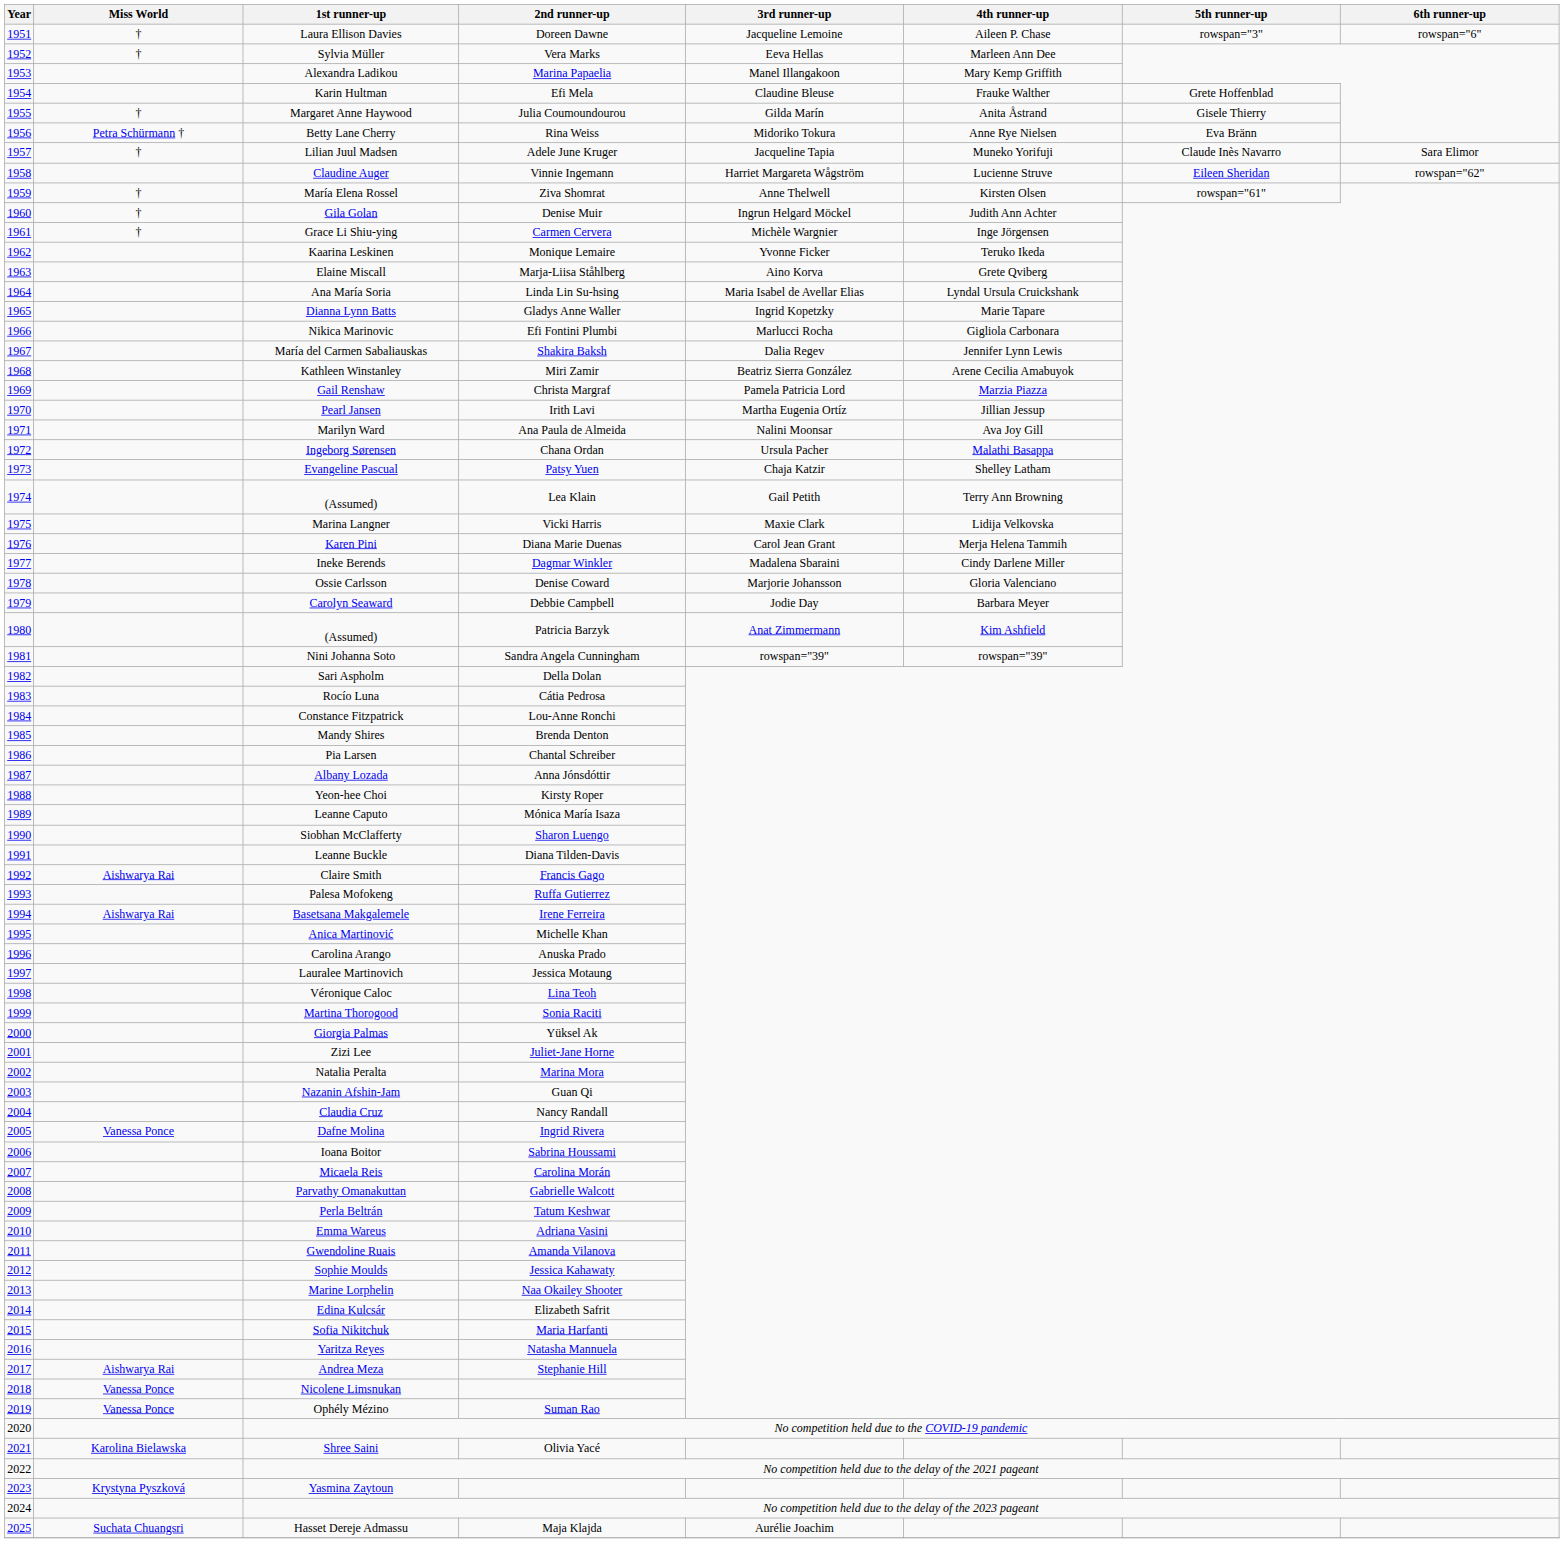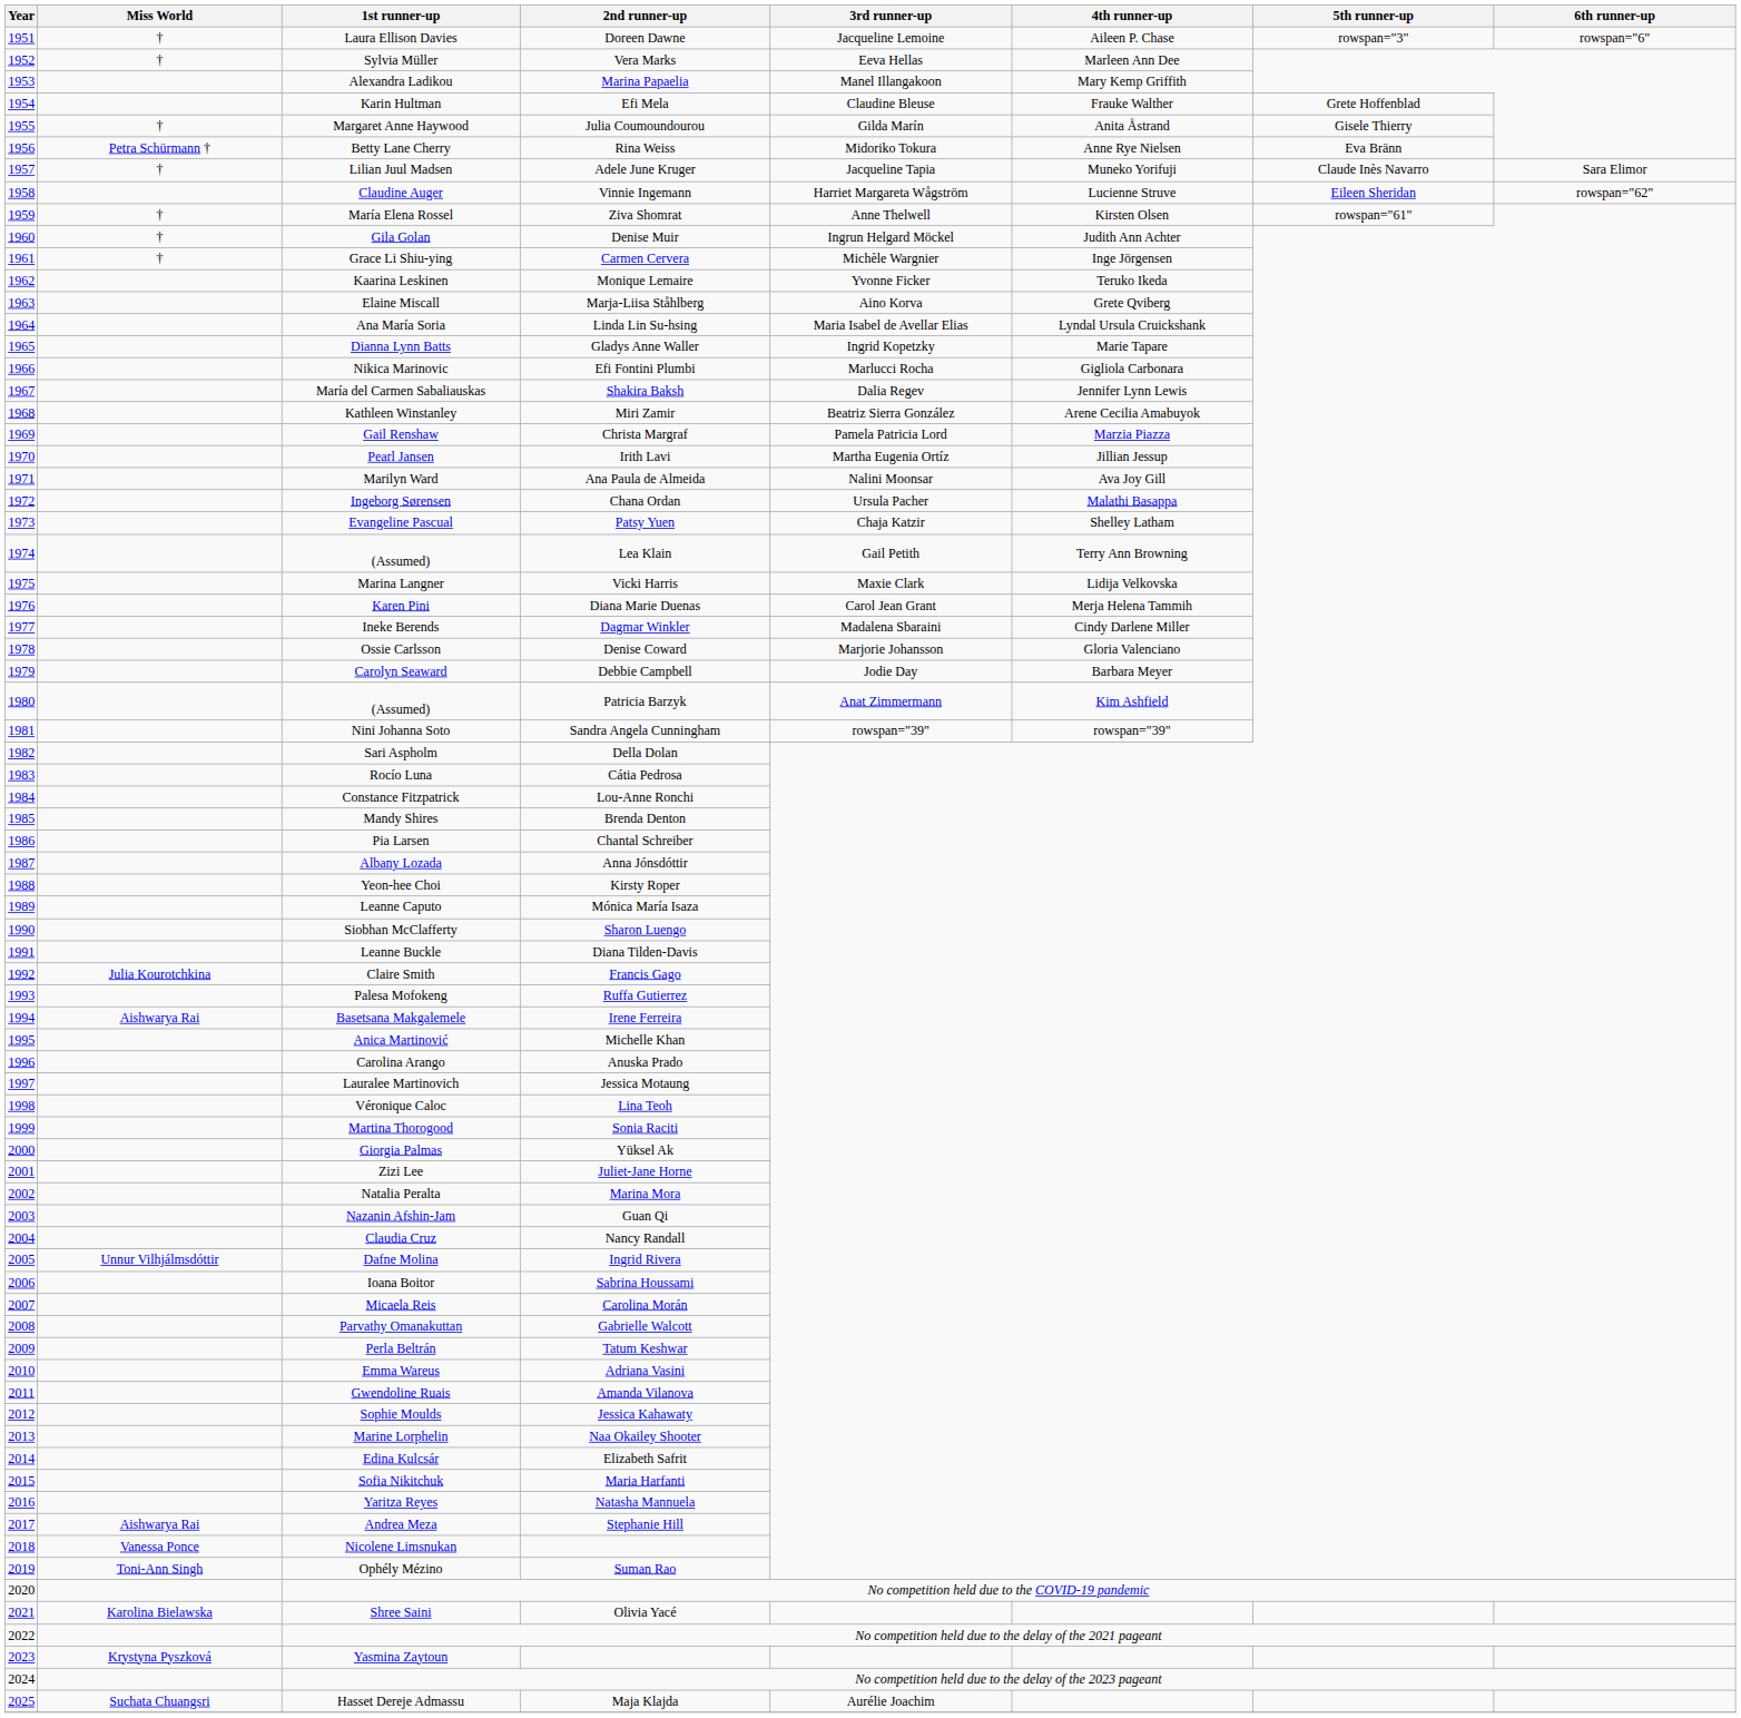 <table class="wikitable sortable" style="font-size: 95%; text-align:center;" |>
 <tr>
 <th width="30">Year</th>
 <th width="600">Miss World<br></th>
 <th width="600">1st runner-up<br></th>
 <th width="600">2nd runner-up<br></th>
 <th width="600">3rd runner-up<br></th>
 <th width="600">4th runner-up<br></th>
 <th width="600">5th runner-up<br></th>
 <th width="600">6th runner-up<br></th>
 </tr>
 <tr>
 <td><a href='#'>1951</a></td>
 <td> †<br></td>
 <td>Laura Ellison Davies<br></td>
 <td>Doreen Dawne<br></td>
 <td>Jacqueline Lemoine<br></td>
 <td>Aileen P. Chase<br></td>
 <td>rowspan="3" </td>
 <td>rowspan="6" </td>
 </tr>
 <tr>
 <td><a href='#'>1952</a></td>
 <td> †<br></td>
 <td>Sylvia Müller<br></td>
 <td>Vera Marks<br></td>
 <td>Eeva Hellas<br></td>
 <td>Marleen Ann Dee<br></td>
 </tr>
 <tr>
 <td><a href='#'>1953</a></td>
 <td><br></td>
 <td>Alexandra Ladikou<br></td>
 <td><a href='#'>Marina Papaelia</a><br></td>
 <td>Manel Illangakoon<br></td>
 <td>Mary Kemp Griffith<br></td>
 </tr>
 <tr>
 <td><a href='#'>1954</a></td>
 <td><br></td>
 <td>Karin Hultman<br></td>
 <td>Efi Mela<br></td>
 <td>Claudine Bleuse<br></td>
 <td>Frauke Walther<br></td>
 <td>Grete Hoffenblad<br></td>
 </tr>
 <tr>
 <td><a href='#'>1955</a></td>
 <td> †<br></td>
 <td>Margaret Anne Haywood<br></td>
 <td>Julia Coumoundourou<br></td>
 <td>Gilda Marín<br></td>
 <td>Anita Åstrand<br></td>
 <td>Gisele Thierry<br></td>
 </tr>
 <tr>
 <td><a href='#'>1956</a></td>
 <td><a href='#'>Petra Schürmann</a> †<br></td>
 <td>Betty Lane Cherry<br></td>
 <td>Rina Weiss<br></td>
 <td>Midoriko Tokura<br></td>
 <td>Anne Rye Nielsen<br></td>
 <td>Eva Bränn<br></td>
 </tr>
 <tr>
 <td><a href='#'>1957</a></td>
 <td> †<br></td>
 <td>Lilian Juul Madsen<br></td>
 <td>Adele June Kruger<br></td>
 <td>Jacqueline Tapia<br></td>
 <td>Muneko Yorifuji<br></td>
 <td>Claude Inès Navarro<br></td>
 <td>Sara Elimor<br></td>
 </tr>
 <tr>
 <td><a href='#'>1958</a></td>
 <td><br></td>
 <td><a href='#'>Claudine Auger</a><br></td>
 <td>Vinnie Ingemann<br></td>
 <td>Harriet Margareta Wågström<br></td>
 <td>Lucienne Struve<br></td>
 <td><a href='#'>Eileen Sheridan</a><br></td>
 <td>rowspan="62"  </td>
 </tr>
 <tr>
 <td><a href='#'>1959</a></td>
 <td> †<br></td>
 <td>María Elena Rossel<br></td>
 <td>Ziva Shomrat<br></td>
 <td>Anne Thelwell<br></td>
 <td>Kirsten Olsen<br></td>
 <td>rowspan="61"  </td>
 </tr>
 <tr>
 <td><a href='#'>1960</a></td>
 <td> †<br></td>
 <td><a href='#'>Gila Golan</a><br></td>
 <td>Denise Muir<br></td>
 <td>Ingrun Helgard Möckel<br></td>
 <td>Judith Ann Achter<br></td>
 </tr>
 <tr>
 <td><a href='#'>1961</a></td>
 <td> †<br></td>
 <td>Grace Li Shiu-ying<br></td>
 <td><a href='#'>Carmen Cervera</a><br></td>
 <td>Michèle Wargnier<br></td>
 <td>Inge Jörgensen<br></td>
 </tr>
 <tr>
 <td><a href='#'>1962</a></td>
 <td><br></td>
 <td>Kaarina Leskinen<br></td>
 <td>Monique Lemaire<br></td>
 <td>Yvonne Ficker<br></td>
 <td>Teruko Ikeda<br></td>
 </tr>
 <tr>
 <td><a href='#'>1963</a></td>
 <td><br></td>
 <td>Elaine Miscall<br></td>
 <td>Marja-Liisa Ståhlberg<br></td>
 <td>Aino Korva<br></td>
 <td>Grete Qviberg<br></td>
 </tr>
 <tr>
 <td><a href='#'>1964</a></td>
 <td><br></td>
 <td>Ana María Soria<br></td>
 <td>Linda Lin Su-hsing<br></td>
 <td>Maria Isabel de Avellar Elias<br></td>
 <td>Lyndal Ursula Cruickshank<br></td>
 </tr>
 <tr>
 <td><a href='#'>1965</a></td>
 <td><br></td>
 <td><a href='#'>Dianna Lynn Batts</a><br></td>
 <td>Gladys Anne Waller<br></td>
 <td>Ingrid Kopetzky<br></td>
 <td>Marie Tapare<br></td>
 </tr>
 <tr>
 <td><a href='#'>1966</a></td>
 <td><br></td>
 <td>Nikica Marinovic<br></td>
 <td>Efi Fontini Plumbi<br></td>
 <td>Marlucci Rocha<br></td>
 <td>Gigliola Carbonara<br></td>
 </tr>
 <tr>
 <td><a href='#'>1967</a></td>
 <td><br></td>
 <td>María del Carmen Sabaliauskas<br></td>
 <td><a href='#'>Shakira Baksh</a><br></td>
 <td>Dalia Regev<br></td>
 <td>Jennifer Lynn Lewis<br></td>
 </tr>
 <tr>
 <td><a href='#'>1968</a></td>
 <td><br></td>
 <td>Kathleen Winstanley<br></td>
 <td>Miri Zamir<br></td>
 <td>Beatriz Sierra González<br></td>
 <td>Arene Cecilia Amabuyok<br></td>
 </tr>
 <tr>
 <td><a href='#'>1969</a></td>
 <td><br></td>
 <td><a href='#'>Gail Renshaw</a><br></td>
 <td>Christa Margraf<br></td>
 <td>Pamela Patricia Lord<br></td>
 <td><a href='#'>Marzia Piazza</a><br></td>
 </tr>
 <tr>
 <td><a href='#'>1970</a></td>
 <td><br></td>
 <td><a href='#'>Pearl Jansen</a><br></td>
 <td>Irith Lavi<br></td>
 <td>Martha Eugenia Ortíz<br></td>
 <td>Jillian Jessup<br></td>
 </tr>
 <tr>
 <td><a href='#'>1971</a></td>
 <td><br></td>
 <td>Marilyn Ward<br></td>
 <td>Ana Paula de Almeida<br></td>
 <td>Nalini Moonsar<br></td>
 <td>Ava Joy Gill<br></td>
 </tr>
 <tr>
 <td><a href='#'>1972</a></td>
 <td><br></td>
 <td><a href='#'>Ingeborg Sørensen</a><br></td>
 <td>Chana Ordan<br></td>
 <td>Ursula Pacher<br></td>
 <td><a href='#'>Malathi Basappa</a><br></td>
 </tr>
 <tr>
 <td><a href='#'>1973</a></td>
 <td></td>
 <td><a href='#'>Evangeline Pascual</a><br></td>
 <td><a href='#'>Patsy Yuen</a><br></td>
 <td>Chaja Katzir<br></td>
 <td>Shelley Latham<br></td>
 </tr>
 <tr>
 <td><a href='#'>1974</a></td>
 <td></td>
 <td><br>(Assumed)<br></td>
 <td>Lea Klain<br></td>
 <td>Gail Petith<br></td>
 <td>Terry Ann Browning<br></td>
 </tr>
 <tr>
 <td><a href='#'>1975</a></td>
 <td><br></td>
 <td>Marina Langner<br></td>
 <td>Vicki Harris<br></td>
 <td>Maxie Clark<br></td>
 <td>Lidija Velkovska<br></td>
 </tr>
 <tr>
 <td><a href='#'>1976</a></td>
 <td><br></td>
 <td><a href='#'>Karen Pini</a><br></td>
 <td>Diana Marie Duenas<br></td>
 <td>Carol Jean Grant<br></td>
 <td>Merja Helena Tammih<br></td>
 </tr>
 <tr>
 <td><a href='#'>1977</a></td>
 <td><br></td>
 <td>Ineke Berends<br></td>
 <td><a href='#'>Dagmar Winkler</a><br></td>
 <td>Madalena Sbaraini<br></td>
 <td>Cindy Darlene Miller<br></td>
 </tr>
 <tr>
 <td><a href='#'>1978</a></td>
 <td><br></td>
 <td>Ossie Carlsson<br></td>
 <td>Denise Coward<br></td>
 <td>Marjorie Johansson<br></td>
 <td>Gloria Valenciano<br></td>
 </tr>
 <tr>
 <td><a href='#'>1979</a></td>
 <td><br></td>
 <td><a href='#'>Carolyn Seaward</a><br></td>
 <td>Debbie Campbell<br></td>
 <td>Jodie Day<br></td>
 <td>Barbara Meyer<br></td>
 </tr>
 <tr>
 <td><a href='#'>1980</a></td>
 <td></td>
 <td><br>(Assumed)<br></td>
 <td>Patricia Barzyk<br></td>
 <td><a href='#'>Anat Zimmermann</a><br></td>
 <td><a href='#'>Kim Ashfield</a><br></td>
 </tr>
 <tr>
 <td><a href='#'>1981</a></td>
 <td><br></td>
 <td>Nini Johanna Soto<br></td>
 <td>Sandra Angela Cunningham<br></td>
 <td>rowspan="39" </td>
 <td>rowspan="39" </td>
 </tr>
 <tr>
 <td><a href='#'>1982</a></td>
 <td><br></td>
 <td>Sari Aspholm<br></td>
 <td>Della Dolan<br></td>
 </tr>
 <tr>
 <td><a href='#'>1983</a></td>
 <td><br></td>
 <td>Rocío Luna<br></td>
 <td>Cátia Pedrosa<br></td>
 </tr>
 <tr>
 <td><a href='#'>1984</a></td>
 <td><br></td>
 <td>Constance Fitzpatrick<br></td>
 <td>Lou-Anne Ronchi<br></td>
 </tr>
 <tr>
 <td><a href='#'>1985</a></td>
 <td><br></td>
 <td>Mandy Shires<br></td>
 <td>Brenda Denton<br></td>
 </tr>
 <tr>
 <td><a href='#'>1986</a></td>
 <td><br></td>
 <td>Pia Larsen<br></td>
 <td>Chantal Schreiber<br></td>
 </tr>
 <tr>
 <td><a href='#'>1987</a></td>
 <td><br></td>
 <td><a href='#'>Albany Lozada</a><br></td>
 <td>Anna Jónsdóttir<br></td>
 </tr>
 <tr>
 <td><a href='#'>1988</a></td>
 <td><br></td>
 <td>Yeon-hee Choi<br></td>
 <td>Kirsty Roper<br></td>
 </tr>
 <tr>
 <td><a href='#'>1989</a></td>
 <td><br></td>
 <td>Leanne Caputo<br></td>
 <td>Mónica María Isaza<br></td>
 </tr>
 <tr>
 <td><a href='#'>1990</a></td>
 <td><br></td>
 <td>Siobhan McClafferty<br></td>
 <td><a href='#'>Sharon Luengo</a><br></td>
 </tr>
 <tr>
 <td><a href='#'>1991</a></td>
 <td><br></td>
 <td>Leanne Buckle<br></td>
 <td>Diana Tilden-Davis<br></td>
 </tr>
 <tr>
 <td><a href='#'>1992</a></td>
-<td><a href='#'>Aishwarya Rai</a><br></td>
+<td><a href='#'>Julia Kourotchkina</a><br></td>
 <td>Claire Smith<br></td>
 <td><a href='#'>Francis Gago</a><br></td>
 </tr>
 <tr>
 <td><a href='#'>1993</a></td>
 <td><br></td>
 <td>Palesa Mofokeng<br></td>
 <td><a href='#'>Ruffa Gutierrez</a><br></td>
 </tr>
 <tr>
 <td><a href='#'>1994</a></td>
 <td><a href='#'>Aishwarya Rai</a><br></td>
 <td><a href='#'>Basetsana Makgalemele</a><br></td>
 <td><a href='#'>Irene Ferreira</a><br></td>
 </tr>
 <tr>
 <td><a href='#'>1995</a></td>
 <td><br></td>
 <td><a href='#'>Anica Martinović</a><br></td>
 <td>Michelle Khan<br></td>
 </tr>
 <tr>
 <td><a href='#'>1996</a></td>
 <td><br></td>
 <td>Carolina Arango<br></td>
 <td>Anuska Prado<br></td>
 </tr>
 <tr>
 <td><a href='#'>1997</a></td>
 <td><br></td>
 <td>Lauralee Martinovich<br></td>
 <td>Jessica Motaung<br></td>
 </tr>
 <tr>
 <td><a href='#'>1998</a></td>
 <td><br></td>
 <td>Véronique Caloc<br></td>
 <td><a href='#'>Lina Teoh</a><br></td>
 </tr>
 <tr>
 <td><a href='#'>1999</a></td>
 <td><br></td>
 <td><a href='#'>Martina Thorogood</a><br></td>
 <td><a href='#'>Sonia Raciti</a><br></td>
 </tr>
 <tr>
 <td><a href='#'>2000</a></td>
 <td><br></td>
 <td><a href='#'>Giorgia Palmas</a><br></td>
 <td>Yüksel Ak<br></td>
 </tr>
 <tr>
 <td><a href='#'>2001</a></td>
 <td><br></td>
 <td>Zizi Lee<br></td>
 <td><a href='#'>Juliet-Jane Horne</a><br></td>
 </tr>
 <tr>
 <td><a href='#'>2002</a></td>
 <td><br></td>
 <td>Natalia Peralta<br></td>
 <td><a href='#'>Marina Mora</a><br></td>
 </tr>
 <tr>
 <td><a href='#'>2003</a></td>
 <td><br></td>
 <td><a href='#'>Nazanin Afshin-Jam</a><br></td>
 <td>Guan Qi<br></td>
 </tr>
 <tr>
 <td><a href='#'>2004</a></td>
 <td><br></td>
 <td><a href='#'>Claudia Cruz</a><br></td>
 <td>Nancy Randall<br></td>
 </tr>
 <tr>
 <td><a href='#'>2005</a></td>
-<td><a href='#'>Vanessa Ponce</a><br></td>
+<td><a href='#'>Unnur Vilhjálmsdóttir</a><br></td>
 <td><a href='#'>Dafne Molina</a><br></td>
 <td><a href='#'>Ingrid Rivera</a><br></td>
 </tr>
 <tr>
 <td><a href='#'>2006</a></td>
 <td><br></td>
 <td>Ioana Boitor<br></td>
 <td><a href='#'>Sabrina Houssami</a><br></td>
 </tr>
 <tr>
 <td><a href='#'>2007</a></td>
 <td><br></td>
 <td><a href='#'>Micaela Reis</a><br></td>
 <td><a href='#'>Carolina Morán</a><br></td>
 </tr>
 <tr>
 <td><a href='#'>2008</a></td>
 <td><br></td>
 <td><a href='#'>Parvathy Omanakuttan</a><br></td>
 <td><a href='#'>Gabrielle Walcott</a><br></td>
 </tr>
 <tr>
 <td><a href='#'>2009</a></td>
 <td><br></td>
 <td><a href='#'>Perla Beltrán</a><br></td>
 <td><a href='#'>Tatum Keshwar</a><br></td>
 </tr>
 <tr>
 <td><a href='#'>2010</a></td>
 <td><br></td>
 <td><a href='#'>Emma Wareus</a><br></td>
 <td><a href='#'>Adriana Vasini</a><br></td>
 </tr>
 <tr>
 <td><a href='#'>2011</a></td>
 <td><br></td>
 <td><a href='#'>Gwendoline Ruais</a><br></td>
 <td><a href='#'>Amanda Vilanova</a><br></td>
 </tr>
 <tr>
 <td><a href='#'>2012</a></td>
 <td><br></td>
 <td><a href='#'>Sophie Moulds</a><br></td>
 <td><a href='#'>Jessica Kahawaty</a><br></td>
 </tr>
 <tr>
 <td><a href='#'>2013</a></td>
 <td><br></td>
 <td><a href='#'>Marine Lorphelin</a><br></td>
 <td><a href='#'>Naa Okailey Shooter</a><br></td>
 </tr>
 <tr>
 <td><a href='#'>2014</a></td>
 <td><br></td>
 <td><a href='#'>Edina Kulcsár</a><br></td>
 <td>Elizabeth Safrit<br></td>
 </tr>
 <tr>
 <td><a href='#'>2015</a></td>
 <td><br></td>
 <td><a href='#'>Sofia Nikitchuk</a><br></td>
 <td><a href='#'>Maria Harfanti</a><br></td>
 </tr>
 <tr>
 <td><a href='#'>2016</a></td>
 <td><br></td>
 <td><a href='#'>Yaritza Reyes</a><br></td>
 <td><a href='#'>Natasha Mannuela</a><br></td>
 </tr>
 <tr>
 <td><a href='#'>2017</a></td>
 <td><a href='#'>Aishwarya Rai</a><br></td>
 <td><a href='#'>Andrea Meza</a><br></td>
 <td><a href='#'>Stephanie Hill</a><br></td>
 </tr>
 <tr>
 <td><a href='#'>2018</a></td>
 <td><a href='#'>Vanessa Ponce</a><br></td>
 <td><a href='#'>Nicolene Limsnukan</a><br></td>
 <td></td>
 </tr>
 <tr>
 <td><a href='#'>2019</a></td>
-<td><a href='#'>Vanessa Ponce</a><br></td>
+<td><a href='#'>Toni-Ann Singh</a><br></td>
 <td>Ophély Mézino<br></td>
 <td><a href='#'>Suman Rao</a><br></td>
 </tr>
 <tr>
 <td>2020</td>
 <td></td>
 <td colspan="6"><em>No competition held due to the <a href='#'>COVID-19 pandemic</a></em></td>
 </tr>
 <tr>
 <td><a href='#'>2021</a></td>
 <td><a href='#'>Karolina Bielawska</a><br></td>
 <td><a href='#'>Shree Saini</a><br></td>
 <td>Olivia Yacé<br></td>
 <td></td>
 <td></td>
 <td></td>
 <td></td>
 </tr>
 <tr>
 <td>2022</td>
 <td></td>
 <td colspan="6"><em>No competition held due to the delay of the 2021 pageant</em></td>
 </tr>
 <tr>
 <td><a href='#'>2023</a></td>
 <td><a href='#'>Krystyna Pyszková</a><br></td>
 <td><a href='#'>Yasmina Zaytoun</a><br></td>
 <td></td>
 <td></td>
 <td></td>
 <td></td>
 <td></td>
 </tr>
 <tr>
 <td>2024</td>
 <td></td>
 <td colspan="6"><em>No competition held due to the delay of the 2023 pageant</em></td>
 </tr>
 <tr>
 <td><a href='#'>2025</a></td>
 <td><a href='#'>Suchata Chuangsri</a><br></td>
 <td>Hasset Dereje Admassu<br></td>
 <td>Maja Klajda<br></td>
 <td>Aurélie Joachim<br></td>
 <td></td>
 <td></td>
 <td></td>
 </tr>
 <tr>
 </tr>
 </table>
